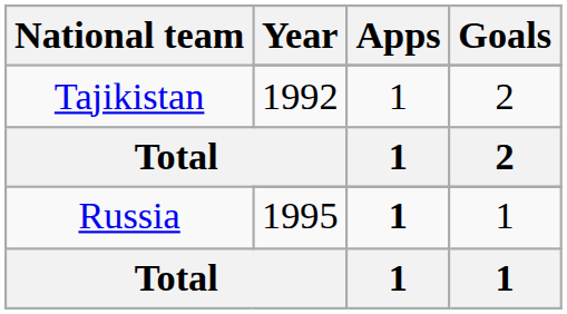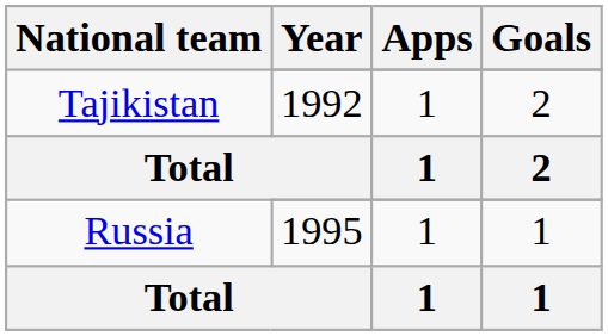 <table class="wikitable" style="text-align:center">
 <tr>
 <th>National team</th>
 <th>Year</th>
 <th>Apps</th>
 <th>Goals</th>
 </tr>
 <tr>
 <td rowspan="2"><a href='#'>Tajikistan</a></td>
 </tr>
 <tr>
 <td>1992</td>
 <td>1</td>
 <td>2</td>
 </tr>
 <tr>
 <th colspan="2">Total</th>
 <th>1</th>
 <th>2</th>
 </tr>
 <tr>
 <td rowspan="2"><a href='#'>Russia</a></td>
 </tr>
 <tr>
 <td>1995</td>
-<td><strong>1</strong></td>
+<td>1</td>
 <td>1</td>
 </tr>
 <tr>
 <th colspan="2">Total</th>
 <th>1</th>
 <th>1</th>
 </tr>
 </table>
